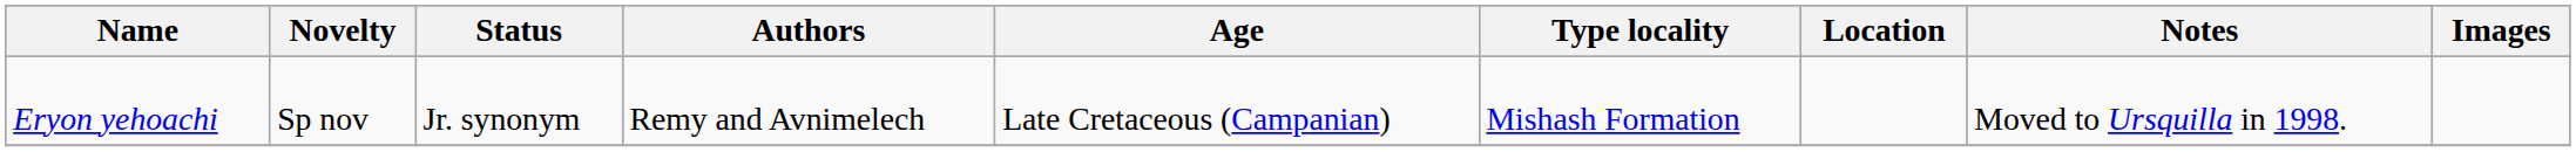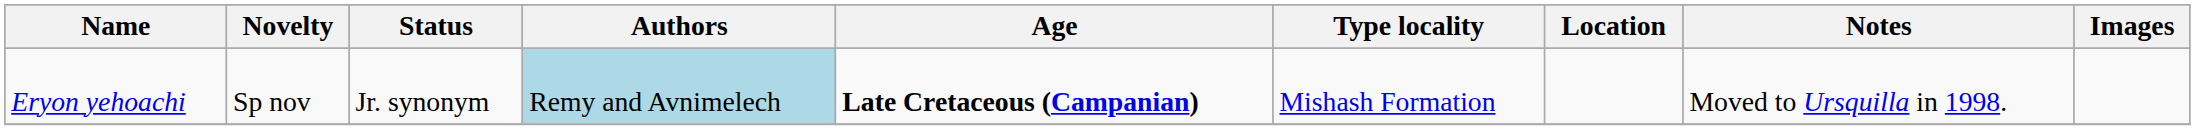 <table class="wikitable sortable" align="center" width="100%">
 <tr>
 <th>Name</th>
 <th>Novelty</th>
 <th>Status</th>
 <th>Authors</th>
 <th>Age</th>
 <th>Type locality</th>
 <th>Location</th>
 <th>Notes</th>
 <th>Images</th>
 </tr>
 <tr>
 <td><br><em><a href='#'>Eryon yehoachi</a></em></td>
 <td><br>Sp nov</td>
 <td><br>Jr. synonym</td>
-<td><br>Remy and Avnimelech</td>
-<td><br>Late Cretaceous (<a href='#'>Campanian</a>)</td>
+<td style="background: lightblue;"><br>Remy and Avnimelech</td>
+<td><strong><br>Late Cretaceous (<a href='#'>Campanian</a>)</strong></td>
 <td><br><a href='#'>Mishash Formation</a></td>
 <td><br></td>
 <td><br>Moved to <em><a href='#'>Ursquilla</a></em> in <a href='#'>1998</a>.</td>
 <td></td>
 </tr>
 <tr>
 </tr>
 </table>
